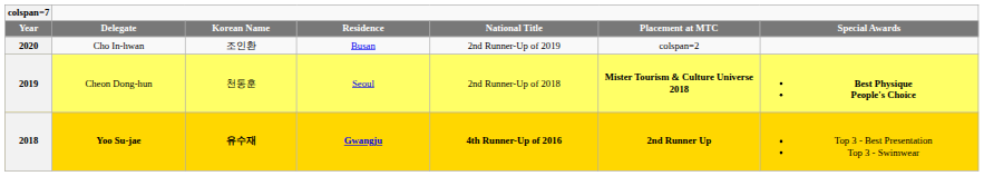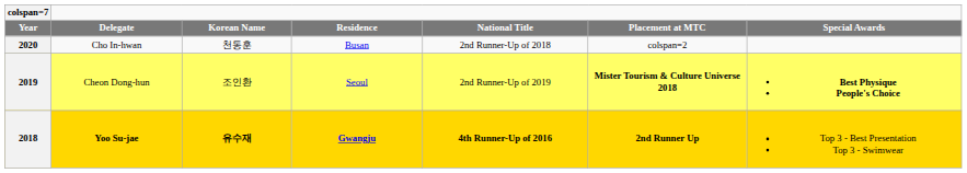 <table class="wikitable sortable" style="font-size: 85%; text-align:center">
 <tr>
 <th>colspan=7 </th>
 </tr>
 <tr>
 <th width="60" style="background-color:#787878;color:#FFFFFF;">Year</th>
 <th width="180" style="background-color:#787878;color:#FFFFFF;">Delegate</th>
 <th width="150" style="background-color:#787878;color:#FFFFFF;">Korean Name</th>
 <th width="180" style="background-color:#787878;color:#FFFFFF;">Residence</th>
 <th width="230" style="background-color:#787878;color:#FFFFFF;">National Title</th>
 <th width="220" style="background-color:#787878;color:#FFFFFF;">Placement at MTC</th>
 <th width="300" style="background-color:#787878;color:#FFFFFF;">Special Awards</th>
 </tr>
 <tr>
 <th>2020</th>
 <td>Cho In-hwan</td>
-<td>조인환</td>
+<td>천동훈</td>
 <td><a href='#'>Busan</a></td>
-<td>2nd Runner-Up of 2019</td>
+<td>2nd Runner-Up of 2018</td>
 <td>colspan=2 </td>
 </tr>
 <tr style="background-color:#FFFF66;">
 <th>2019</th>
 <td>Cheon Dong-hun</td>
-<td>천동훈</td>
+<td>조인환</td>
 <td><a href='#'>Seoul</a></td>
-<td>2nd Runner-Up of 2018</td>
+<td>2nd Runner-Up of 2019</td>
 <td><strong>Mister Tourism & Culture Universe 2018</strong></td>
 <td><br><ul><li><strong>Best Physique</strong></li><li><strong>People's Choice</strong></li></ul></td>
 </tr>
 <tr style="background-color:GOLD;">
 <th><strong>2018</strong></th>
 <td><strong>Yoo Su-jae</strong></td>
 <td><strong>유수재</strong></td>
 <td><strong><a href='#'>Gwangju</a></strong></td>
 <td><strong>4th Runner-Up of 2016</strong></td>
 <td><strong>2nd Runner Up</strong></td>
 <td><br><ul><li>Top 3 - Best Presentation</li><li>Top 3 - Swimwear</li></ul></td>
 </tr>
 </table>
